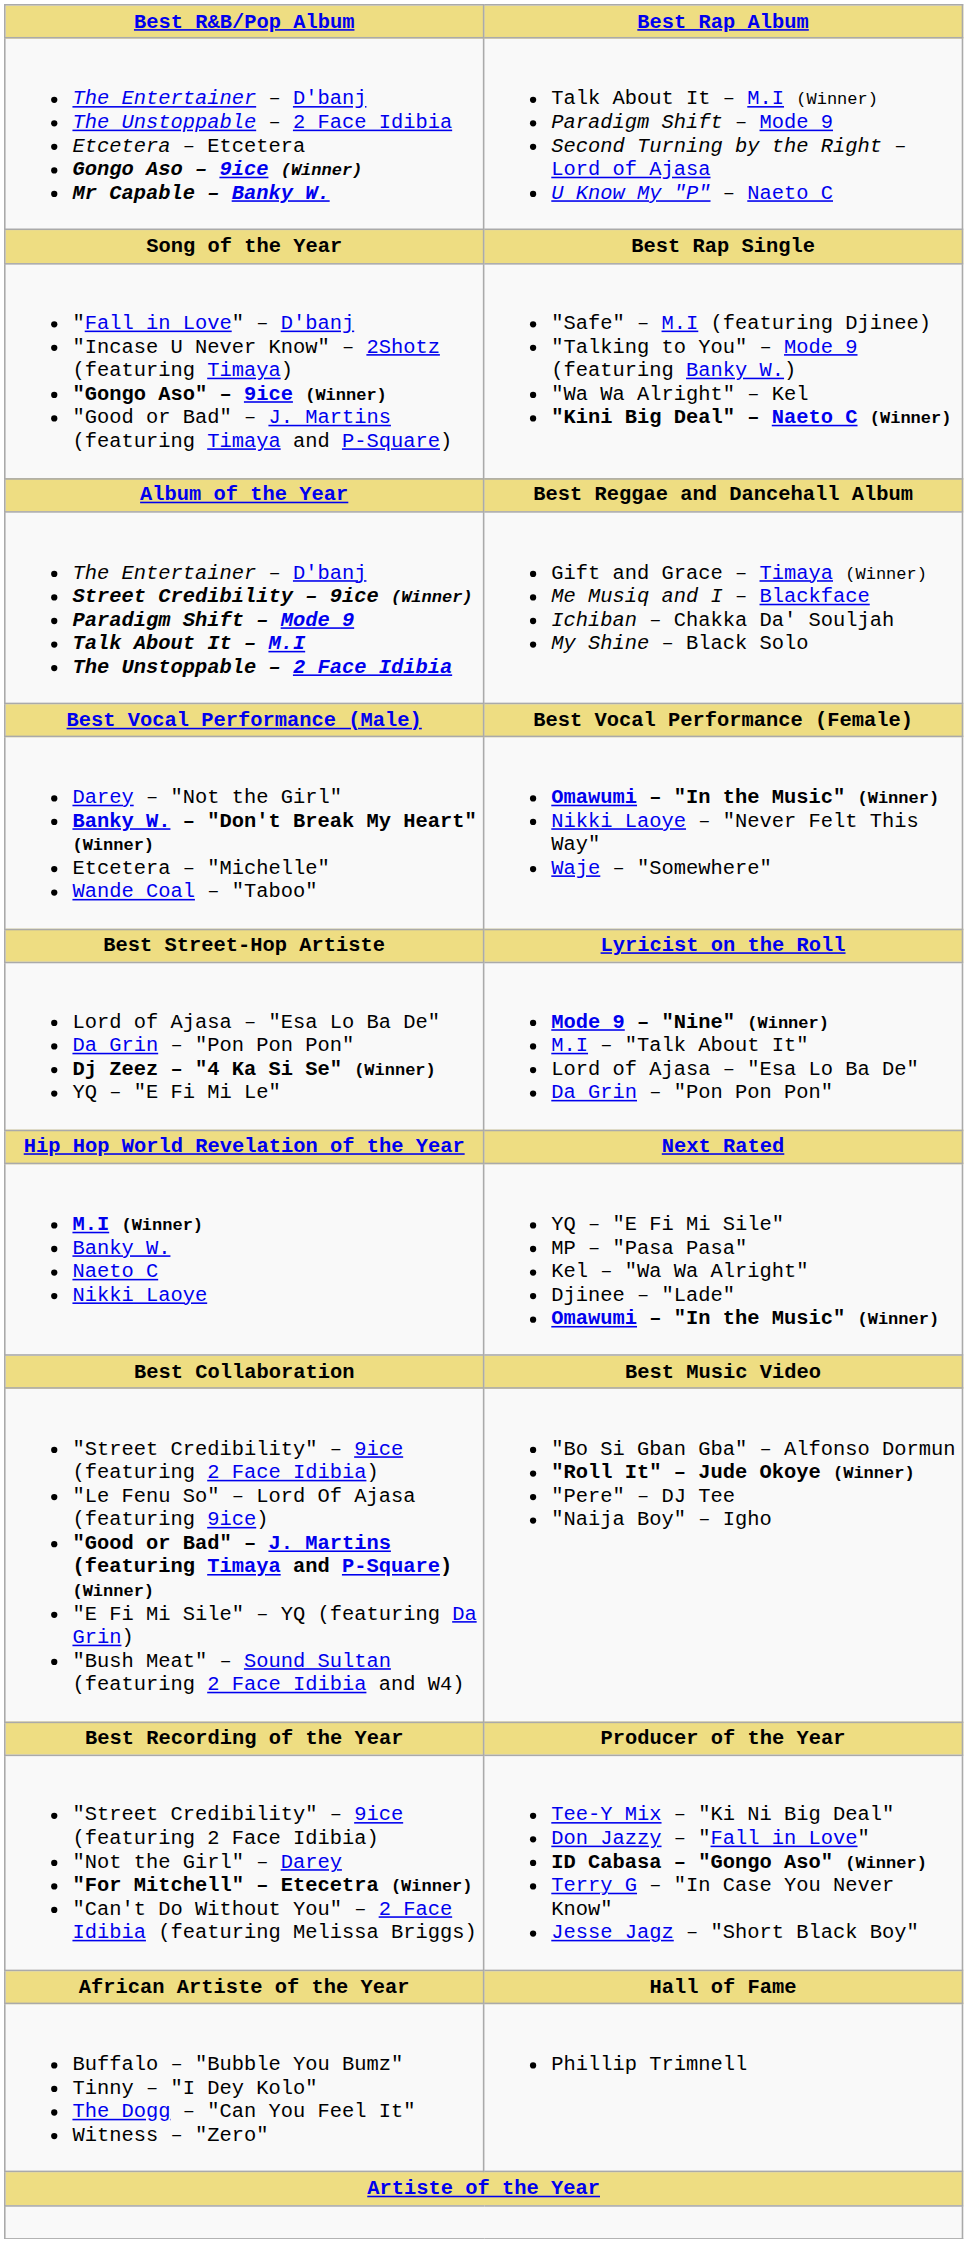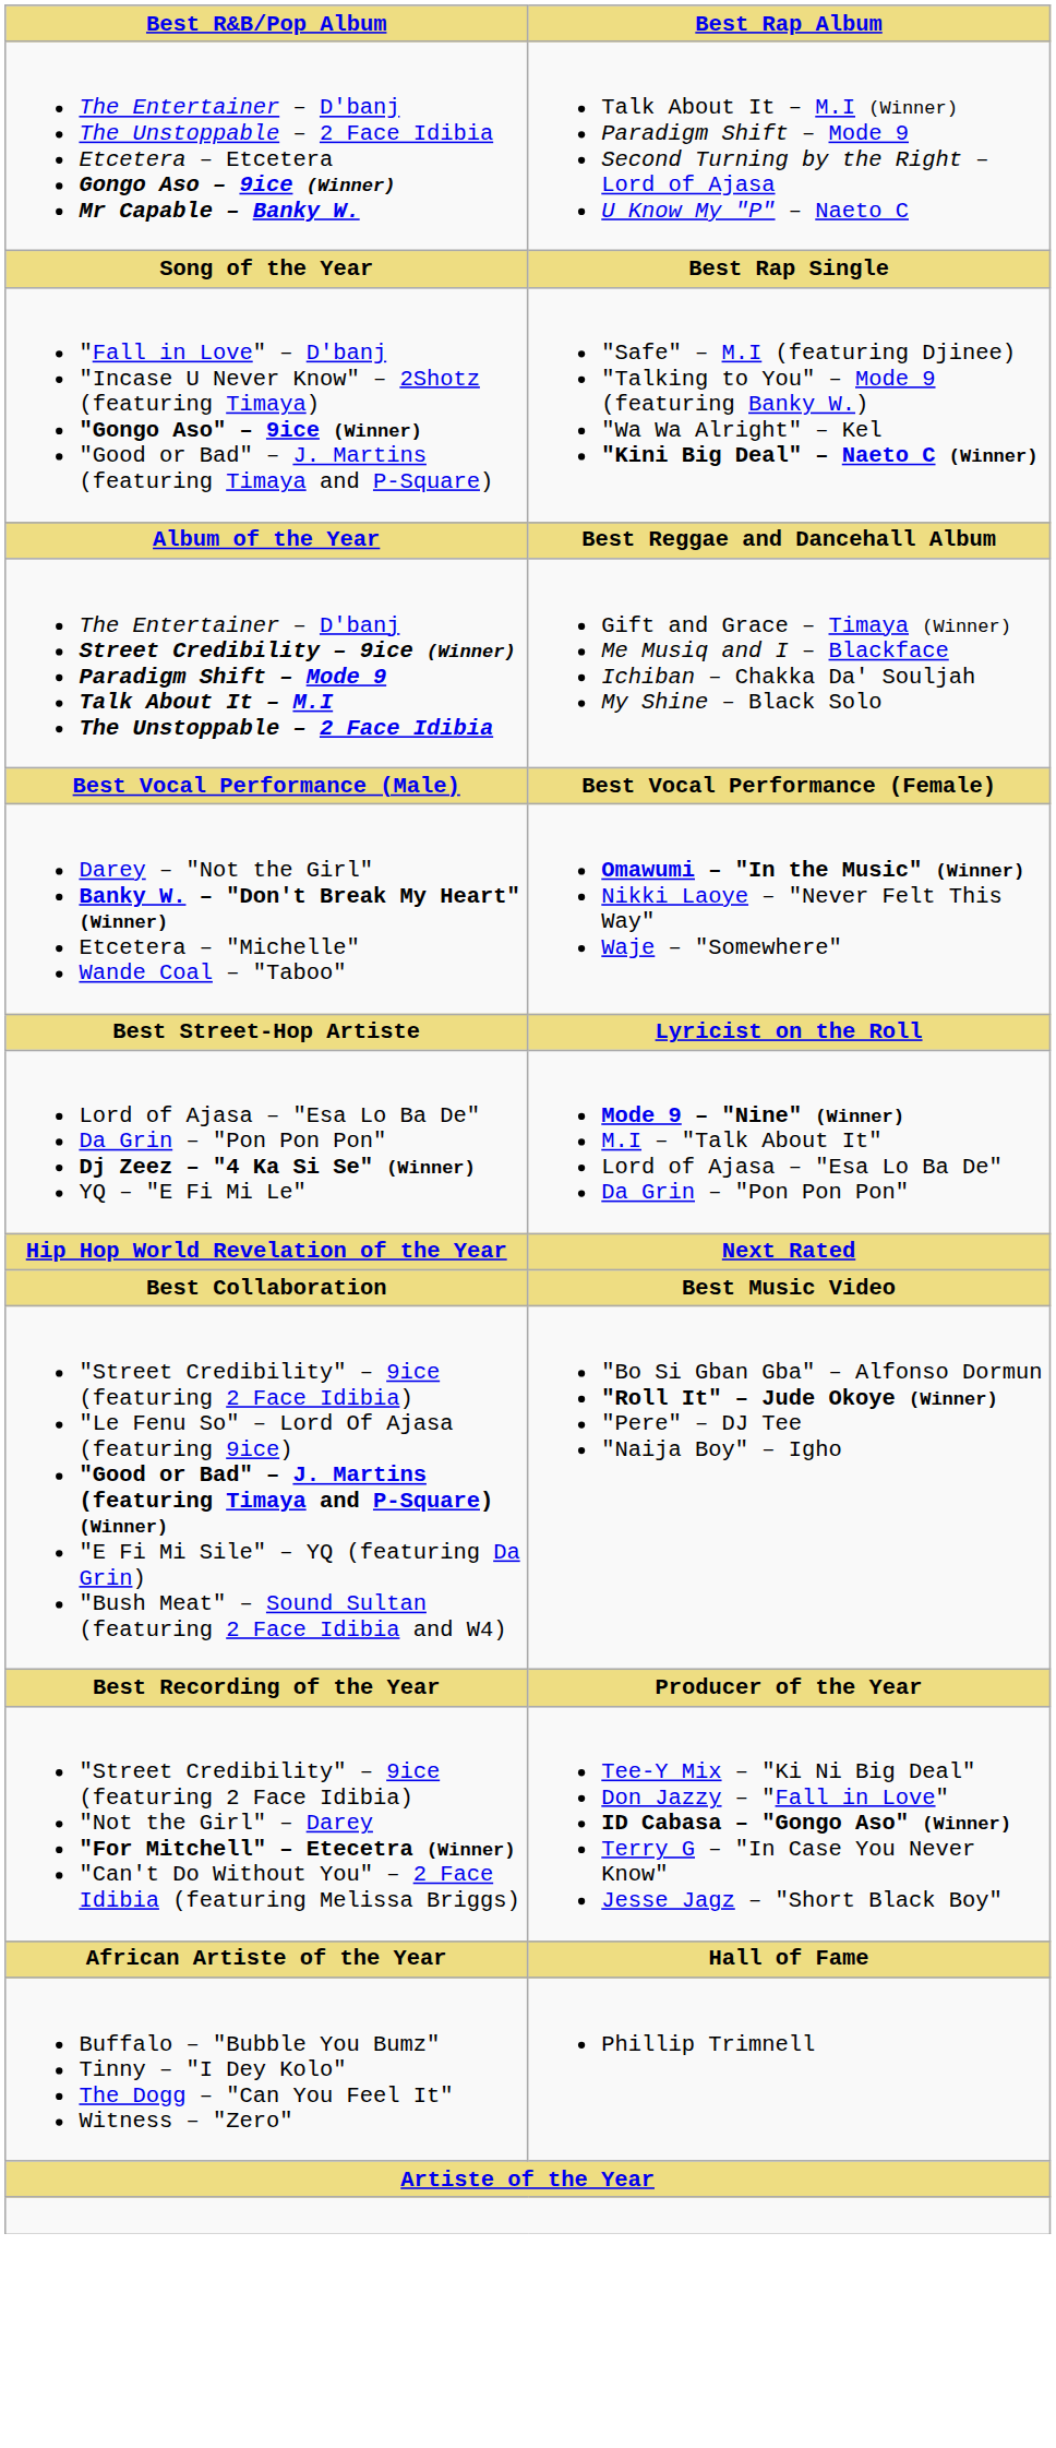 <table class="wikitable">
 <tr>
 <th style="background:#EEDD82; width:50%"><a href='#'>Best R&B/Pop Album</a></th>
 <th style="background:#EEDD82; width:50%"><a href='#'>Best Rap Album</a></th>
 </tr>
 <tr>
 <td valign="top"><br><ul><li><em><a href='#'>The Entertainer</a></em> – <a href='#'>D'banj</a></li><li><em><a href='#'>The Unstoppable</a></em> – <a href='#'>2 Face Idibia</a></li><li><em>Etcetera</em> – Etcetera</li><li><strong><em>Gongo Aso<em> – <a href='#'>9ice</a> <small>(Winner)</small><strong></li><li></em>Mr Capable<em> – <a href='#'>Banky W.</a></li></ul></td>
 <td valign="top"><br><ul><li></em></strong>Talk About It</em> – <a href='#'>M.I</a> <small>(Winner)</small></strong></li><li><em>Paradigm Shift</em> – <a href='#'>Mode 9</a></li><li><em>Second Turning by the Right</em> – <a href='#'>Lord of Ajasa</a></li><li><em><a href='#'>U Know My "P"</a></em> – <a href='#'>Naeto C</a></li></ul></td>
 </tr>
 <tr>
 <th style="background:#EEDD82; width:50%">Song of the Year</th>
 <th style="background:#EEDD82; width:50%">Best Rap Single</th>
 </tr>
 <tr>
 <td valign="top"><br><ul><li>"<a href='#'>Fall in Love</a>" – <a href='#'>D'banj</a></li><li>"Incase U Never Know" –  <a href='#'>2Shotz</a> <span>(featuring <a href='#'>Timaya</a>)</span></li><li><strong>"Gongo Aso" – <a href='#'>9ice</a> <small>(Winner)</small></strong></li><li>"Good or Bad" – <a href='#'>J. Martins</a> <span>(featuring <a href='#'>Timaya</a> and <a href='#'>P-Square</a>)</span></li></ul></td>
 <td valign="top"><br><ul><li>"Safe" – <a href='#'>M.I</a> <span>(featuring Djinee)</span></li><li>"Talking to You" – <a href='#'>Mode 9</a> <span>(featuring <a href='#'>Banky W.</a>)</span></li><li>"Wa Wa Alright" – Kel</li><li><strong>"Kini Big Deal" – <a href='#'>Naeto C</a> <small>(Winner)</small></strong></li></ul></td>
 </tr>
 <tr>
 <th style="background:#EEDD82; width:50%"><a href='#'>Album of the Year</a></th>
 <th style="background:#EEDD82; width:50%">Best Reggae and Dancehall Album</th>
 </tr>
 <tr>
 <td valign="top"><br><ul><li><em>The Entertainer</em> – <a href='#'>D'banj</a></li><li><strong><em>Street Credibility<em> – 9ice <small>(Winner)</small><strong></li><li></em>Paradigm Shift<em> – <a href='#'>Mode 9</a></li><li></em>Talk About It<em> – <a href='#'>M.I</a></li><li></em>The Unstoppable<em> – <a href='#'>2 Face Idibia</a></li></ul></td>
 <td valign="top"><br><ul><li></em></strong>Gift and Grace</em> – <a href='#'>Timaya</a> <small>(Winner)</small></strong></li><li><em>Me Musiq and I</em> – <a href='#'>Blackface</a></li><li><em>Ichiban</em> – Chakka Da' Souljah</li><li><em>My Shine</em> – Black Solo</li></ul></td>
 </tr>
 <tr>
 <th style="background:#EEDD82; width:50%"><a href='#'>Best Vocal Performance (Male)</a></th>
 <th style="background:#EEDD82; width:50%">Best Vocal Performance (Female)</th>
 </tr>
 <tr>
 <td valign="top"><br><ul><li><a href='#'>Darey</a> – "Not the Girl"</li><li><strong><a href='#'>Banky W.</a> – "Don't Break My Heart" <small>(Winner)</small></strong></li><li>Etcetera – "Michelle"</li><li><a href='#'>Wande Coal</a> – "Taboo"</li></ul></td>
 <td valign="top"><br><ul><li><strong><a href='#'>Omawumi</a> – "In the Music" <small>(Winner)</small></strong></li><li><a href='#'>Nikki Laoye</a> – "Never Felt This Way"</li><li><a href='#'>Waje</a> – "Somewhere"</li></ul></td>
 </tr>
 <tr>
 <th style="background:#EEDD82; width:50%">Best Street-Hop Artiste</th>
 <th style="background:#EEDD82; width:50%"><a href='#'>Lyricist on the Roll</a></th>
 </tr>
 <tr>
 <td valign="top"><br><ul><li>Lord of Ajasa – "Esa Lo Ba De"</li><li><a href='#'>Da Grin</a> – "Pon Pon Pon"</li><li><strong>Dj Zeez – "4 Ka Si Se" <small>(Winner)</small></strong></li><li>YQ – "E Fi Mi Le"</li></ul></td>
 <td valign="top"><br><ul><li><strong><a href='#'>Mode 9</a> – "Nine" <small>(Winner)</small></strong></li><li><a href='#'>M.I</a> – "Talk About It"</li><li>Lord of Ajasa – "Esa Lo Ba De"</li><li><a href='#'>Da Grin</a> – "Pon Pon Pon"</li></ul></td>
 </tr>
 <tr>
 <th style="background:#EEDD82; width:50%"><a href='#'>Hip Hop World Revelation of the Year</a></th>
 <th style="background:#EEDD82; width:50%"><a href='#'>Next Rated</a></th>
 </tr>
 <tr>
-<td valign="top"><br><ul><li><strong><a href='#'>M.I</a> <small>(Winner)</small></strong></li><li><a href='#'>Banky W.</a></li><li><a href='#'>Naeto C</a></li><li><a href='#'>Nikki Laoye</a></li></ul></td>
-<td valign="top"><br><ul><li>YQ – "E Fi Mi Sile"</li><li>MP – "Pasa Pasa"</li><li>Kel – "Wa Wa Alright"</li><li>Djinee – "Lade"</li><li><strong><a href='#'>Omawumi</a> – "In the Music" <small>(Winner)</small></strong></li></ul></td>
-</tr>
-<tr>
 <th style="background:#EEDD82; width:50%">Best Collaboration</th>
 <th style="background:#EEDD82; width:50%">Best Music Video</th>
 </tr>
 <tr>
 <td valign="top"><br><ul><li>"Street Credibility" – <a href='#'>9ice</a> <span>(featuring <a href='#'>2 Face Idibia</a>)</span></li><li>"Le Fenu So" – Lord Of Ajasa <span>(featuring <a href='#'>9ice</a>)</span></li><li><strong>"Good or Bad" – <a href='#'>J. Martins</a> <span>(featuring <a href='#'>Timaya</a> and <a href='#'>P-Square</a>)</span> <small>(Winner)</small></strong></li><li>"E Fi Mi Sile" – YQ <span>(featuring <a href='#'>Da Grin</a>)</span></li><li>"Bush Meat" – <a href='#'>Sound Sultan</a> <span>(featuring <a href='#'>2 Face Idibia</a> and W4)</span></li></ul></td>
 <td valign="top"><br><ul><li>"Bo Si Gban Gba" – Alfonso Dormun</li><li><strong>"Roll It" – Jude Okoye <small>(Winner)</small></strong></li><li>"Pere" – DJ Tee</li><li>"Naija Boy" – Igho</li></ul></td>
 </tr>
 <tr>
 <th style="background:#EEDD82; width:50%">Best Recording of the Year</th>
 <th style="background:#EEDD82; width:50%">Producer of the Year</th>
 </tr>
 <tr>
 <td valign="top"><br><ul><li>"Street Credibility" – <a href='#'>9ice</a> <span>(featuring 2 Face Idibia)</span></li><li>"Not the Girl" – <a href='#'>Darey</a></li><li><strong>"For Mitchell" – Etecetra <small>(Winner)</small></strong></li><li>"Can't Do Without You" – <a href='#'>2 Face Idibia</a>  <span>(featuring Melissa Briggs)</span></li></ul></td>
 <td valign="top"><br><ul><li><a href='#'>Tee-Y Mix</a> – "Ki Ni Big Deal"</li><li><a href='#'>Don Jazzy</a> – "<a href='#'>Fall in Love</a>"</li><li><strong>ID Cabasa – "Gongo Aso" <small>(Winner)</small></strong></li><li><a href='#'>Terry G</a> – "In Case You Never Know"</li><li><a href='#'>Jesse Jagz</a> – "Short Black Boy"</li></ul></td>
 </tr>
 <tr>
 <th style="background:#EEDD82; width:50%">African Artiste of the Year</th>
 <th style="background:#EEDD82; width:50%">Hall of Fame</th>
 </tr>
 <tr>
 <td valign="top"><br><ul><li>Buffalo – "Bubble You Bumz"</li><li>Tinny – "I Dey Kolo"</li><li> <a href='#'>The Dogg</a> – "Can You Feel It"</li><li>Witness – "Zero"</li></ul></td>
 <td valign="top"><br><ul><li>Phillip Trimnell</li></ul></td>
 </tr>
 <tr>
 <th colspan="2" style="background:#EEDD82; width:50%"><a href='#'>Artiste of the Year</a></th>
 </tr>
 <tr>
 <td colspan="2" valign="center"><br>   </td>
 </tr>
 </table>
